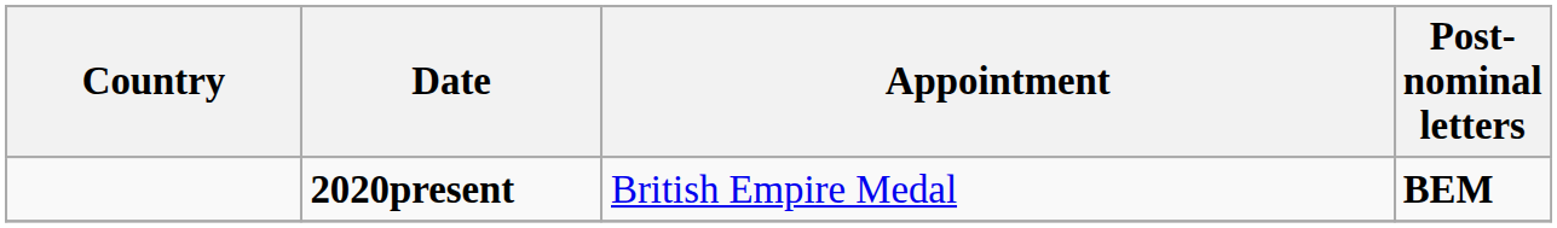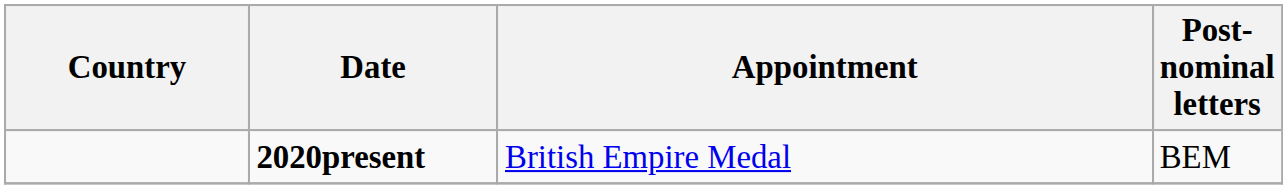 <table class="wikitable" style="width:100%;">
 <tr>
 <th style="width:20%;">Country</th>
 <th style="width:20%;">Date</th>
 <th style="width:55%;">Appointment</th>
 <th style="width:5%;">Post-nominal letters</th>
 </tr>
 <tr>
 <td></td>
 <td><strong>2020present</strong></td>
 <td><a href='#'>British Empire Medal</a></td>
-<td><strong>BEM</strong></td>
+<td>BEM</td>
 </tr>
 <tr>
 </tr>
 </table>
